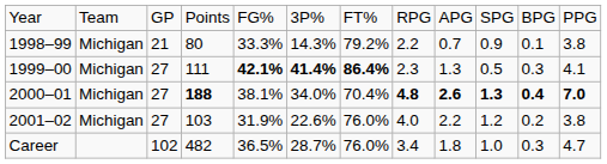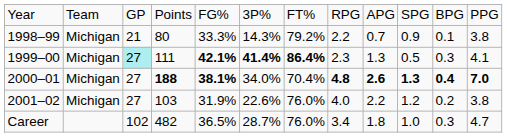 <table class="wikitable">
 <tr>
 <td>Year</td>
 <td>Team</td>
 <td>GP</td>
 <td>Points</td>
 <td>FG%</td>
 <td>3P%</td>
 <td>FT%</td>
 <td>RPG</td>
 <td>APG</td>
 <td>SPG</td>
 <td>BPG</td>
 <td>PPG</td>
 </tr>
 <tr>
 <td>1998–99</td>
 <td>Michigan</td>
 <td>21</td>
 <td>80</td>
 <td>33.3%</td>
 <td>14.3%</td>
 <td>79.2%</td>
 <td>2.2</td>
 <td>0.7</td>
 <td>0.9</td>
 <td>0.1</td>
 <td>3.8</td>
 </tr>
 <tr>
 <td>1999–00</td>
 <td>Michigan</td>
-<td>27</td>
+<td style="background: paleturquoise;">27</td>
 <td>111</td>
 <td><strong>42.1%</strong></td>
 <td><strong>41.4%</strong></td>
 <td><strong>86.4%</strong></td>
 <td>2.3</td>
 <td>1.3</td>
 <td>0.5</td>
 <td>0.3</td>
 <td>4.1</td>
 </tr>
 <tr>
 <td>2000–01</td>
 <td>Michigan</td>
 <td>27</td>
 <td><strong>188</strong></td>
-<td>38.1%</td>
+<td><strong>38.1%</strong></td>
 <td>34.0%</td>
 <td>70.4%</td>
 <td><strong>4.8</strong></td>
 <td><strong>2.6</strong></td>
 <td><strong>1.3</strong></td>
 <td><strong>0.4</strong></td>
 <td><strong>7.0</strong></td>
 </tr>
 <tr>
 <td>2001–02</td>
 <td>Michigan</td>
 <td>27</td>
 <td>103</td>
 <td>31.9%</td>
 <td>22.6%</td>
 <td>76.0%</td>
 <td>4.0</td>
 <td>2.2</td>
 <td>1.2</td>
 <td>0.2</td>
 <td>3.8</td>
 </tr>
 <tr>
 <td>Career</td>
 <td></td>
 <td>102</td>
 <td>482</td>
 <td>36.5%</td>
 <td>28.7%</td>
 <td>76.0%</td>
 <td>3.4</td>
 <td>1.8</td>
 <td>1.0</td>
 <td>0.3</td>
 <td>4.7</td>
 </tr>
 </table>
